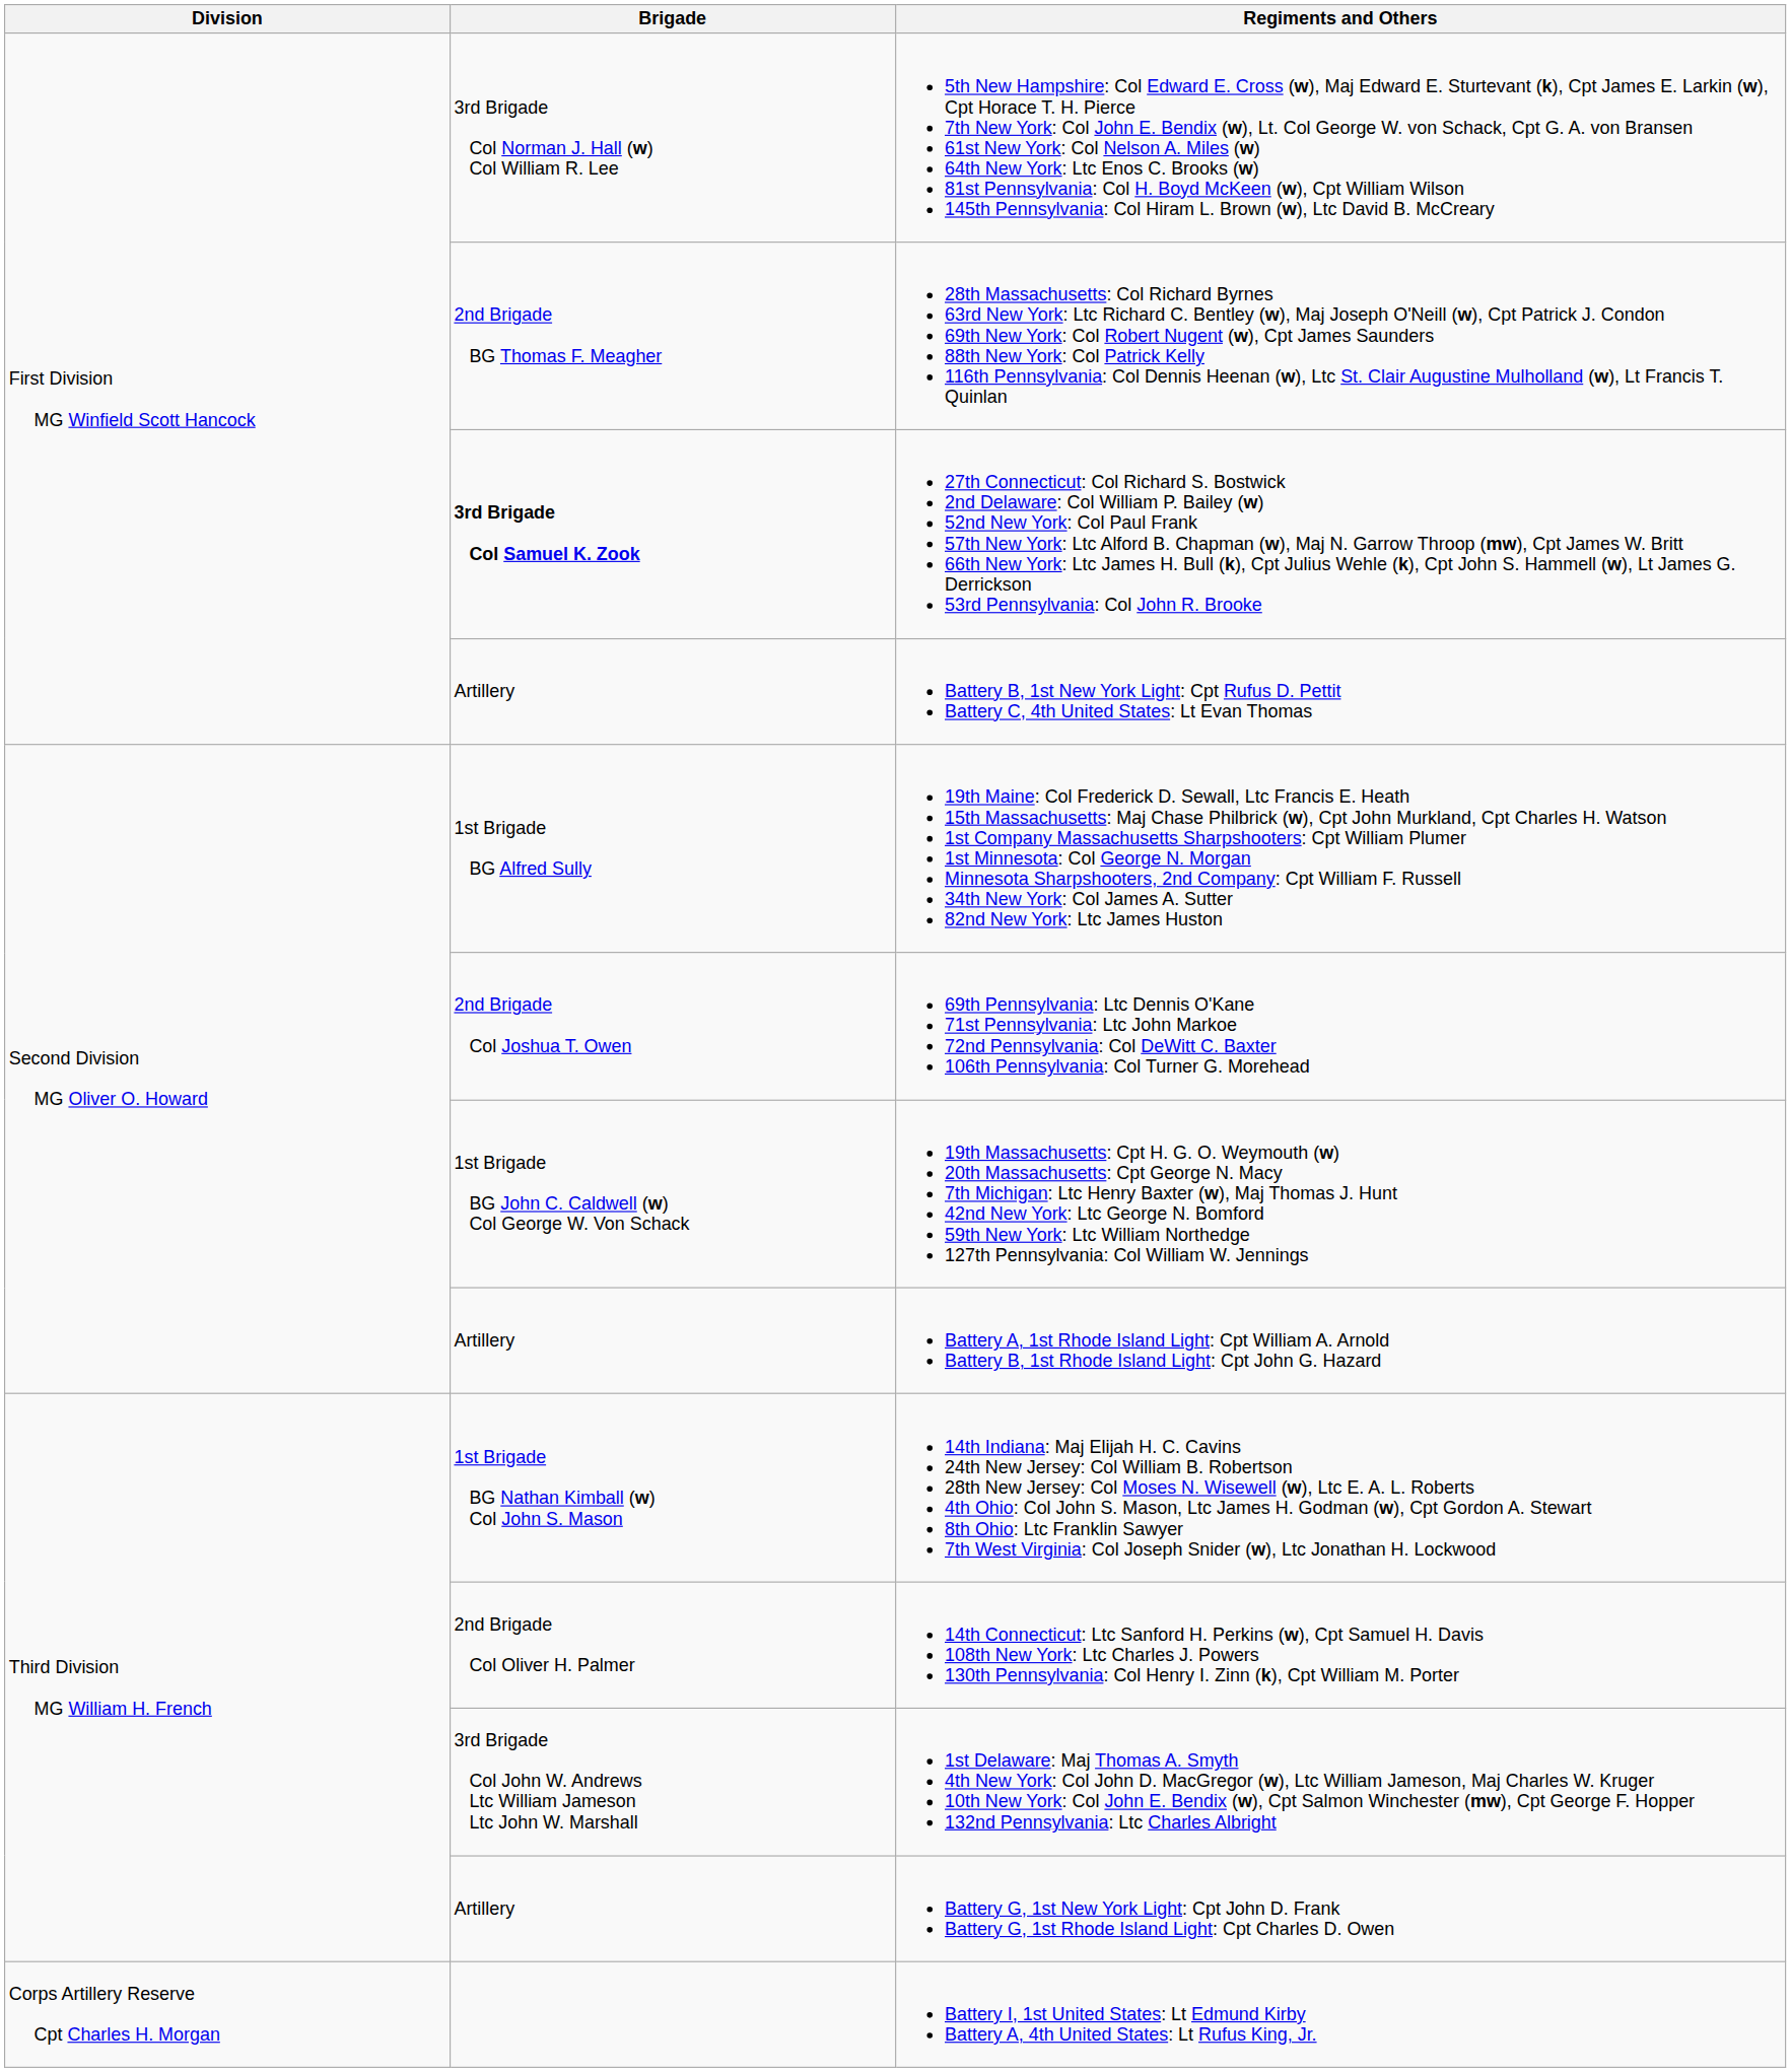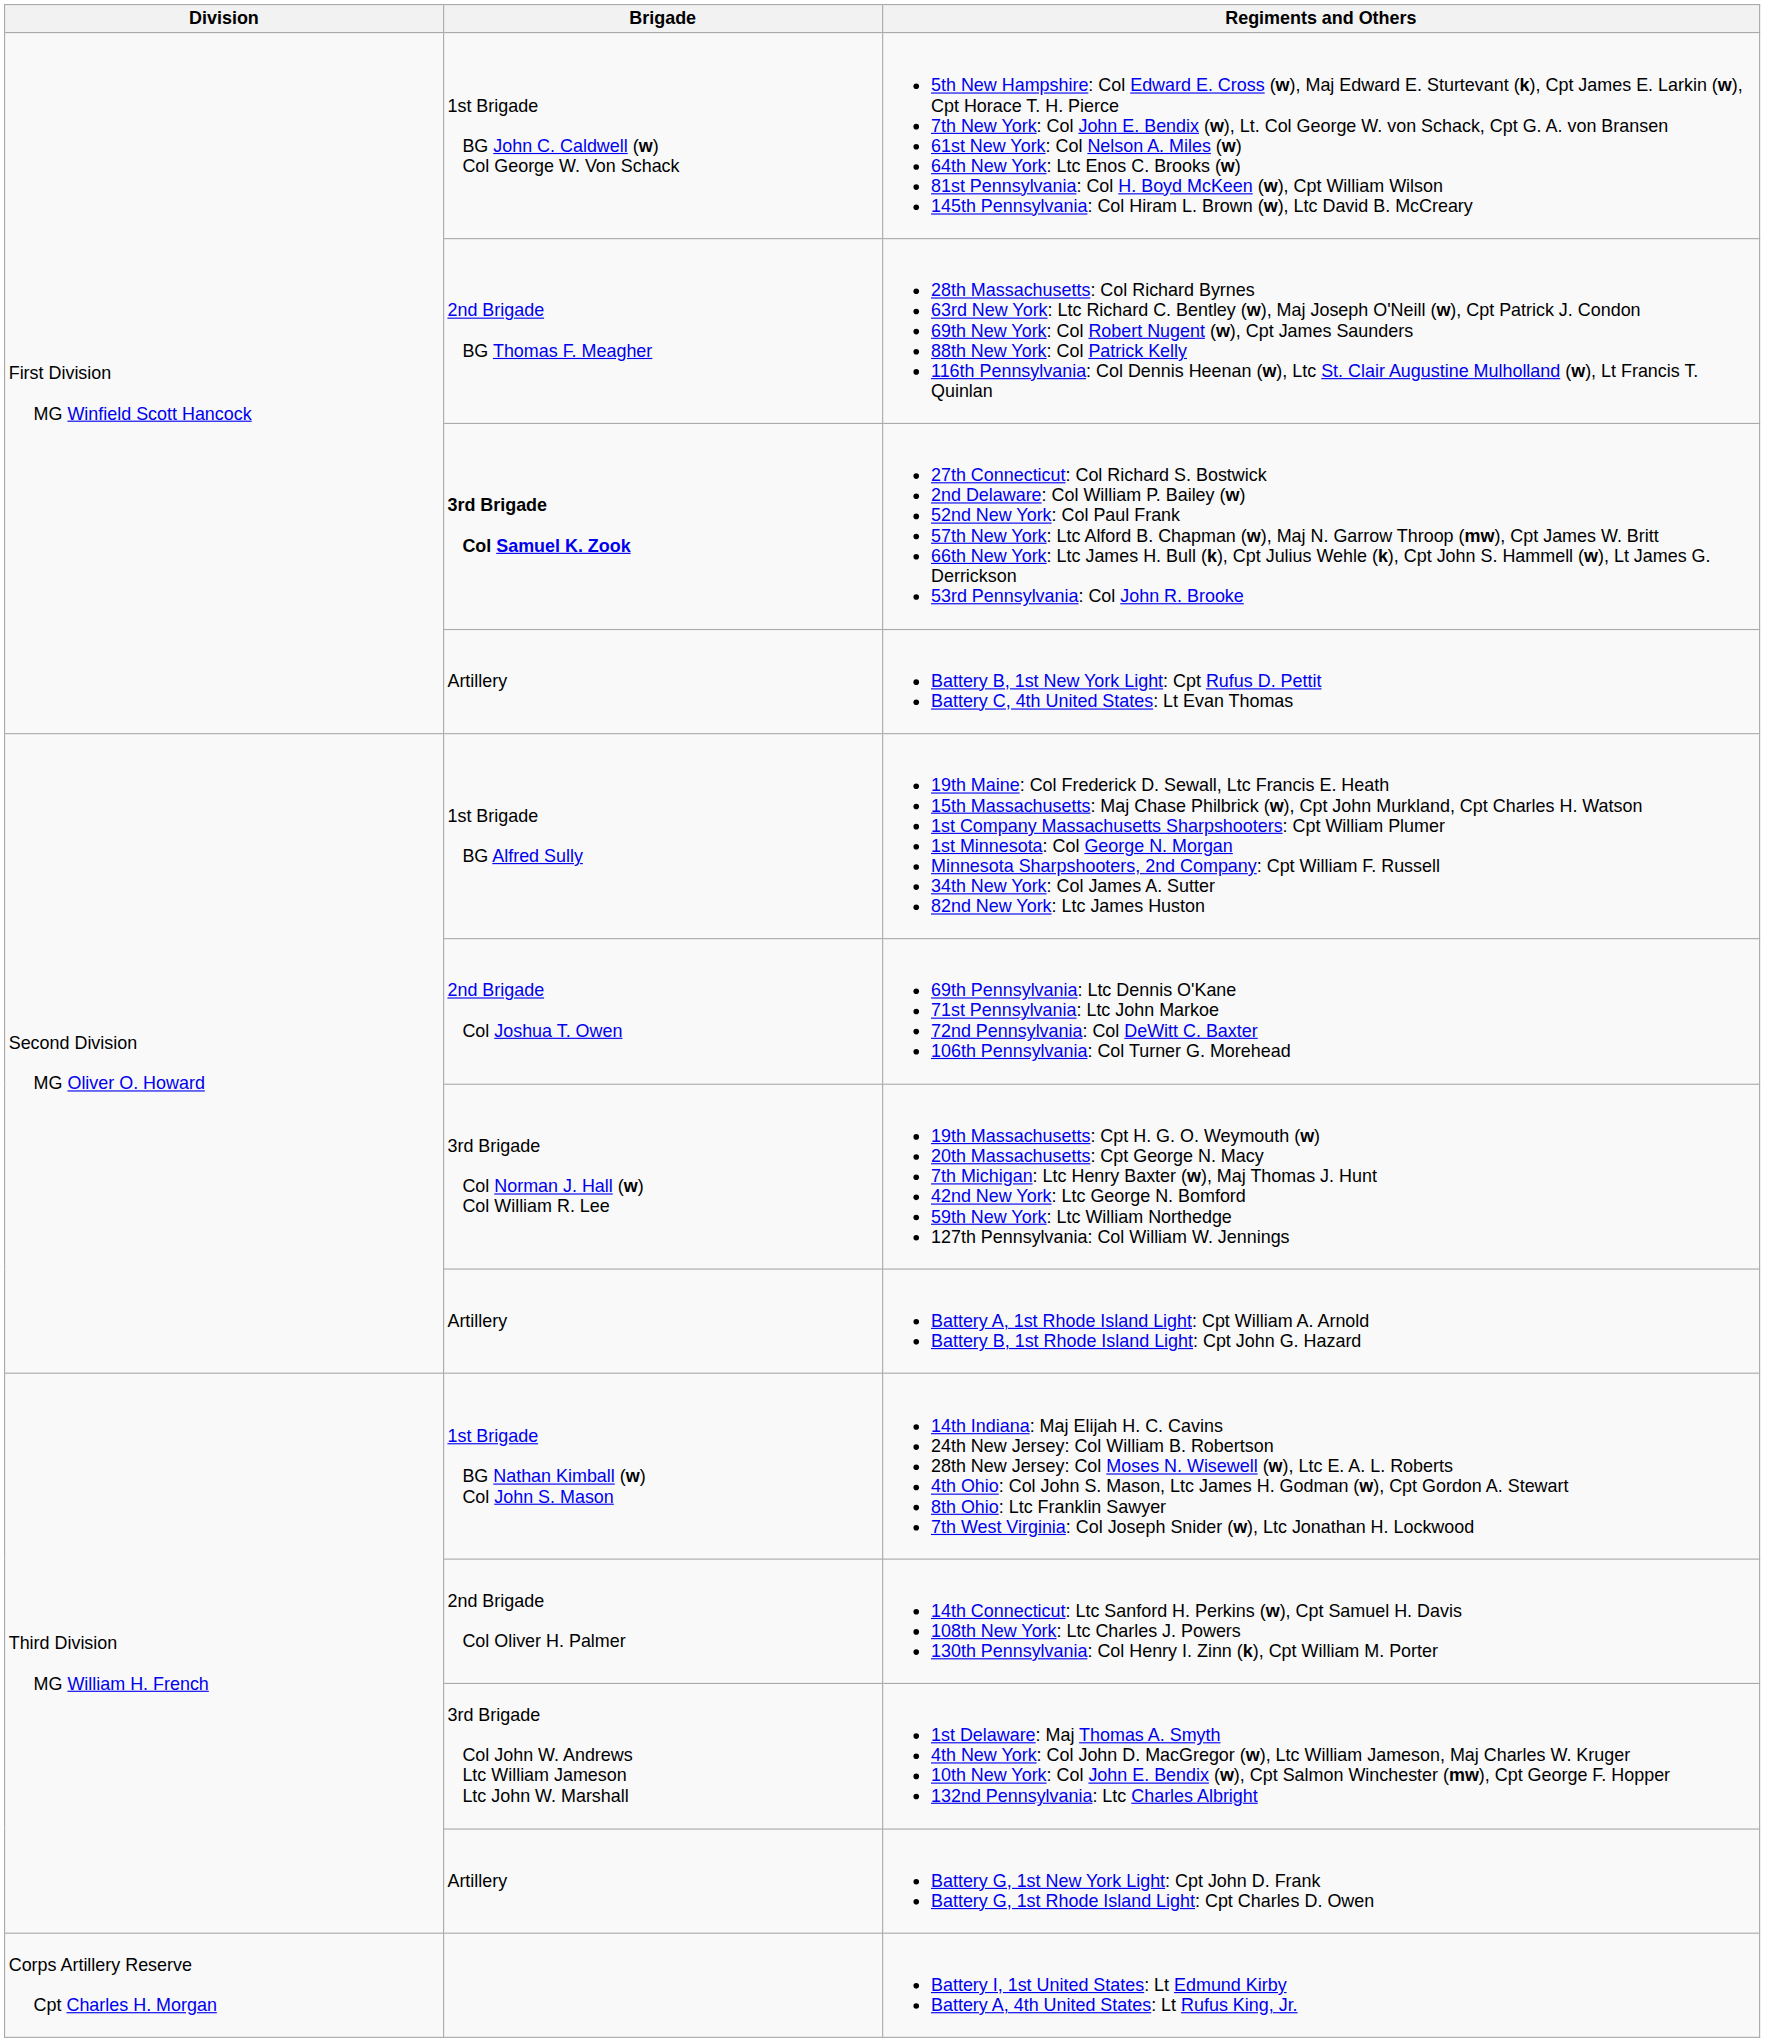 <table class="wikitable">
 <tr>
 <th width=25%>Division</th>
 <th width=25%>Brigade</th>
 <th>Regiments and Others</th>
 </tr>
 <tr>
 <td rowspan=4><br>First Division<br><br>     MG <a href='#'>Winfield Scott Hancock</a></td>
-<td>3rd Brigade<br><br>   Col <a href='#'>Norman J. Hall</a> (<strong>w</strong>) <br>   Col William R. Lee</td>
+<td>1st Brigade<br><br>   BG <a href='#'>John C. Caldwell</a> (<strong>w</strong>) <br>   Col George W. Von Schack</td>
 <td><br><ul><li><a href='#'>5th New Hampshire</a>: Col <a href='#'>Edward E. Cross</a> (<strong>w</strong>), Maj Edward E. Sturtevant (<strong>k</strong>), Cpt James E. Larkin (<strong>w</strong>), Cpt Horace T. H. Pierce</li><li><a href='#'>7th New York</a>: Col <a href='#'>John E. Bendix</a> (<strong>w</strong>), Lt. Col George W. von Schack, Cpt G. A. von Bransen</li><li><a href='#'>61st New York</a>: Col <a href='#'>Nelson A. Miles</a> (<strong>w</strong>)</li><li><a href='#'>64th New York</a>: Ltc Enos C. Brooks (<strong>w</strong>)</li><li><a href='#'>81st Pennsylvania</a>: Col <a href='#'>H. Boyd McKeen</a> (<strong>w</strong>), Cpt William Wilson</li><li><a href='#'>145th Pennsylvania</a>: Col Hiram L. Brown (<strong>w</strong>), Ltc David B. McCreary</li></ul></td>
 </tr>
 <tr>
 <td><a href='#'>2nd Brigade</a><br><br>   BG <a href='#'>Thomas F. Meagher</a></td>
 <td><br><ul><li><a href='#'>28th Massachusetts</a>: Col Richard Byrnes</li><li><a href='#'>63rd New York</a>: Ltc Richard C. Bentley (<strong>w</strong>), Maj Joseph O'Neill (<strong>w</strong>), Cpt Patrick J. Condon</li><li><a href='#'>69th New York</a>: Col <a href='#'>Robert Nugent</a> (<strong>w</strong>), Cpt James Saunders</li><li><a href='#'>88th New York</a>: Col <a href='#'>Patrick Kelly</a></li><li><a href='#'>116th Pennsylvania</a>: Col Dennis Heenan (<strong>w</strong>), Ltc <a href='#'>St. Clair Augustine Mulholland</a> (<strong>w</strong>), Lt Francis T. Quinlan</li></ul></td>
 </tr>
 <tr>
 <td><strong>3rd Brigade<br><br>   Col <a href='#'>Samuel K. Zook</a></strong></td>
 <td><br><ul><li><a href='#'>27th Connecticut</a>: Col Richard S. Bostwick</li><li><a href='#'>2nd Delaware</a>: Col William P. Bailey (<strong>w</strong>)</li><li><a href='#'>52nd New York</a>: Col Paul Frank</li><li><a href='#'>57th New York</a>: Ltc Alford B. Chapman (<strong>w</strong>), Maj N. Garrow Throop (<strong>mw</strong>), Cpt James W. Britt</li><li><a href='#'>66th New York</a>: Ltc James H. Bull (<strong>k</strong>), Cpt Julius Wehle (<strong>k</strong>), Cpt John S. Hammell (<strong>w</strong>), Lt James G. Derrickson</li><li><a href='#'>53rd Pennsylvania</a>: Col <a href='#'>John R. Brooke</a></li></ul></td>
 </tr>
 <tr>
 <td>Artillery</td>
 <td><br><ul><li><a href='#'>Battery B, 1st New York Light</a>: Cpt <a href='#'>Rufus D. Pettit</a></li><li><a href='#'>Battery C, 4th United States</a>: Lt Evan Thomas</li></ul></td>
 </tr>
 <tr>
 <td rowspan=4><br>Second Division<br><br>     MG <a href='#'>Oliver O. Howard</a></td>
 <td>1st Brigade<br><br>   BG <a href='#'>Alfred Sully</a></td>
 <td><br><ul><li><a href='#'>19th Maine</a>: Col Frederick D. Sewall, Ltc Francis E. Heath</li><li><a href='#'>15th Massachusetts</a>: Maj Chase Philbrick (<strong>w</strong>), Cpt John Murkland, Cpt Charles H. Watson</li><li><a href='#'>1st Company Massachusetts Sharpshooters</a>: Cpt William Plumer</li><li><a href='#'>1st Minnesota</a>: Col <a href='#'>George N. Morgan</a></li><li><a href='#'>Minnesota Sharpshooters, 2nd Company</a>: Cpt William F. Russell</li><li><a href='#'>34th New York</a>: Col James A. Sutter</li><li><a href='#'>82nd New York</a>: Ltc James Huston</li></ul></td>
 </tr>
 <tr>
 <td><a href='#'>2nd Brigade</a><br><br>   Col <a href='#'>Joshua T. Owen</a></td>
 <td><br><ul><li><a href='#'>69th Pennsylvania</a>: Ltc Dennis O'Kane</li><li><a href='#'>71st Pennsylvania</a>: Ltc John Markoe</li><li><a href='#'>72nd Pennsylvania</a>: Col <a href='#'>DeWitt C. Baxter</a></li><li><a href='#'>106th Pennsylvania</a>: Col Turner G. Morehead</li></ul></td>
 </tr>
 <tr>
-<td>1st Brigade<br><br>   BG <a href='#'>John C. Caldwell</a> (<strong>w</strong>) <br>   Col George W. Von Schack</td>
+<td>3rd Brigade<br><br>   Col <a href='#'>Norman J. Hall</a> (<strong>w</strong>) <br>   Col William R. Lee</td>
 <td><br><ul><li><a href='#'>19th Massachusetts</a>: Cpt H. G. O. Weymouth (<strong>w</strong>)</li><li><a href='#'>20th Massachusetts</a>: Cpt George N. Macy</li><li><a href='#'>7th Michigan</a>: Ltc Henry Baxter (<strong>w</strong>), Maj Thomas J. Hunt</li><li><a href='#'>42nd New York</a>: Ltc George N. Bomford</li><li><a href='#'>59th New York</a>: Ltc William Northedge</li><li>127th Pennsylvania: Col William W. Jennings</li></ul></td>
 </tr>
 <tr>
 <td>Artillery</td>
 <td><br><ul><li><a href='#'>Battery A, 1st Rhode Island Light</a>: Cpt William A. Arnold</li><li><a href='#'>Battery B, 1st Rhode Island Light</a>: Cpt John G. Hazard</li></ul></td>
 </tr>
 <tr>
 <td rowspan=4><br>Third Division<br><br>     MG <a href='#'>William H. French</a></td>
 <td><a href='#'>1st Brigade</a><br><br>   BG <a href='#'>Nathan Kimball</a> (<strong>w</strong>) <br>   Col <a href='#'>John S. Mason</a></td>
 <td><br><ul><li><a href='#'>14th Indiana</a>: Maj Elijah H. C. Cavins</li><li>24th New Jersey: Col William B. Robertson</li><li>28th New Jersey: Col <a href='#'>Moses N. Wisewell</a> (<strong>w</strong>), Ltc E. A. L. Roberts</li><li><a href='#'>4th Ohio</a>: Col John S. Mason, Ltc James H. Godman (<strong>w</strong>), Cpt Gordon A. Stewart</li><li><a href='#'>8th Ohio</a>: Ltc Franklin Sawyer</li><li><a href='#'>7th West Virginia</a>: Col Joseph Snider (<strong>w</strong>), Ltc Jonathan H. Lockwood</li></ul></td>
 </tr>
 <tr>
 <td>2nd Brigade<br><br>   Col Oliver H. Palmer</td>
 <td><br><ul><li><a href='#'>14th Connecticut</a>: Ltc Sanford H. Perkins (<strong>w</strong>), Cpt Samuel H. Davis</li><li><a href='#'>108th New York</a>: Ltc Charles J. Powers</li><li><a href='#'>130th Pennsylvania</a>: Col Henry I. Zinn (<strong>k</strong>), Cpt William M. Porter</li></ul></td>
 </tr>
 <tr>
 <td>3rd Brigade<br><br>   Col John W. Andrews <br>   Ltc William Jameson <br>   Ltc John W. Marshall</td>
 <td><br><ul><li><a href='#'>1st Delaware</a>: Maj <a href='#'>Thomas A. Smyth</a></li><li><a href='#'>4th New York</a>: Col John D. MacGregor (<strong>w</strong>), Ltc William Jameson, Maj Charles W. Kruger</li><li><a href='#'>10th New York</a>: Col <a href='#'>John E. Bendix</a> (<strong>w</strong>), Cpt Salmon Winchester (<strong>mw</strong>), Cpt George F. Hopper</li><li><a href='#'>132nd Pennsylvania</a>: Ltc <a href='#'>Charles Albright</a></li></ul></td>
 </tr>
 <tr>
 <td>Artillery</td>
 <td><br><ul><li><a href='#'>Battery G, 1st New York Light</a>: Cpt John D. Frank</li><li><a href='#'>Battery G, 1st Rhode Island Light</a>: Cpt Charles D. Owen</li></ul></td>
 </tr>
 <tr>
 <td>Corps Artillery Reserve<br><br>     Cpt <a href='#'>Charles H. Morgan</a></td>
 <td></td>
 <td><br><ul><li><a href='#'>Battery I, 1st United States</a>: Lt <a href='#'>Edmund Kirby</a></li><li><a href='#'>Battery A, 4th United States</a>: Lt <a href='#'>Rufus King, Jr.</a></li></ul></td>
 </tr>
 </table>
